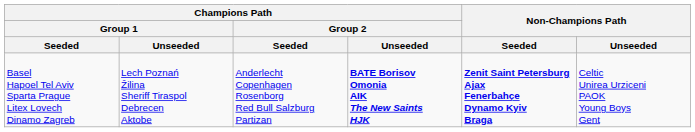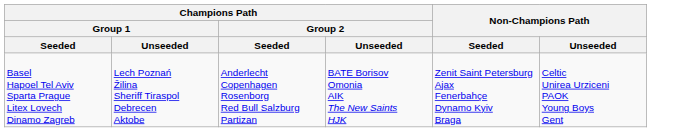 <table class="wikitable" style="font-size:80%">
 <tr>
 <th colspan=4>Champions Path</th>
 <th colspan=2 rowspan=2>Non-Champions Path</th>
 </tr>
 <tr>
 <th colspan=2>Group 1</th>
 <th colspan=2>Group 2</th>
 </tr>
 <tr>
 <th width=16%>Seeded</th>
 <th width=16%>Unseeded</th>
 <th width=16%>Seeded</th>
 <th width=16%>Unseeded</th>
 <th width=16%>Seeded</th>
 <th width=16%>Unseeded</th>
 </tr>
 <tr>
 <td valign=top><br> <a href='#'>Basel</a><br>  <a href='#'>Hapoel Tel Aviv</a><br>  <a href='#'>Sparta Prague</a><br>  <a href='#'>Litex Lovech</a><br>  <a href='#'>Dinamo Zagreb</a></td>
 <td valign=top><br> <a href='#'>Lech Poznań</a><br>  <a href='#'>Žilina</a><br>  <a href='#'>Sheriff Tiraspol</a><br>  <a href='#'>Debrecen</a><br>  <a href='#'>Aktobe</a></td>
 <td valign=top><br> <a href='#'>Anderlecht</a><br>  <a href='#'>Copenhagen</a><br>  <a href='#'>Rosenborg</a><br>  <a href='#'>Red Bull Salzburg</a><br>  <a href='#'>Partizan</a></td>
-<td valign=top><strong><br> <a href='#'>BATE Borisov</a><br>  <a href='#'>Omonia</a><br>  <a href='#'>AIK</a><br>  <em><a href='#'>The New Saints</a></em><br>  <em><a href='#'>HJK</a></em><br></strong></td>
-<td valign=top><strong><br> <a href='#'>Zenit Saint Petersburg</a><br>  <a href='#'>Ajax</a><br>  <a href='#'>Fenerbahçe</a><br>  <a href='#'>Dynamo Kyiv</a><br>  <a href='#'>Braga</a></strong></td>
+<td valign=top><br> <a href='#'>BATE Borisov</a><br>  <a href='#'>Omonia</a><br>  <a href='#'>AIK</a><br>  <em><a href='#'>The New Saints</a></em><br>  <em><a href='#'>HJK</a></em><br></td>
+<td valign=top><br> <a href='#'>Zenit Saint Petersburg</a><br>  <a href='#'>Ajax</a><br>  <a href='#'>Fenerbahçe</a><br>  <a href='#'>Dynamo Kyiv</a><br>  <a href='#'>Braga</a></td>
 <td valign=top><br> <a href='#'>Celtic</a><br>  <a href='#'>Unirea Urziceni</a><br>  <a href='#'>PAOK</a><br>  <a href='#'>Young Boys</a><br>  <a href='#'>Gent</a></td>
 </tr>
 </table>
